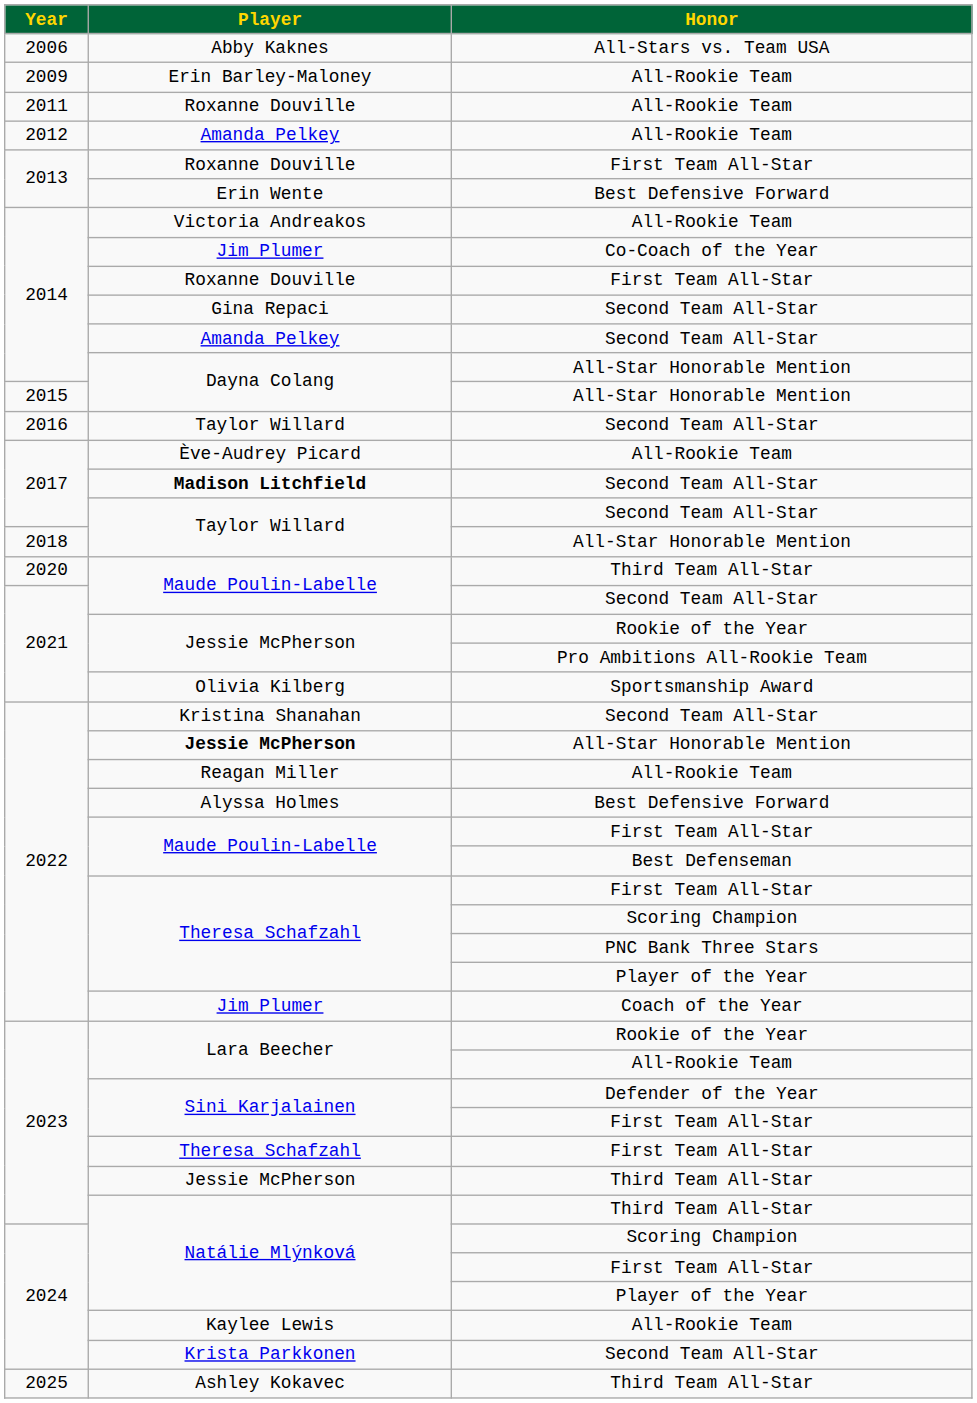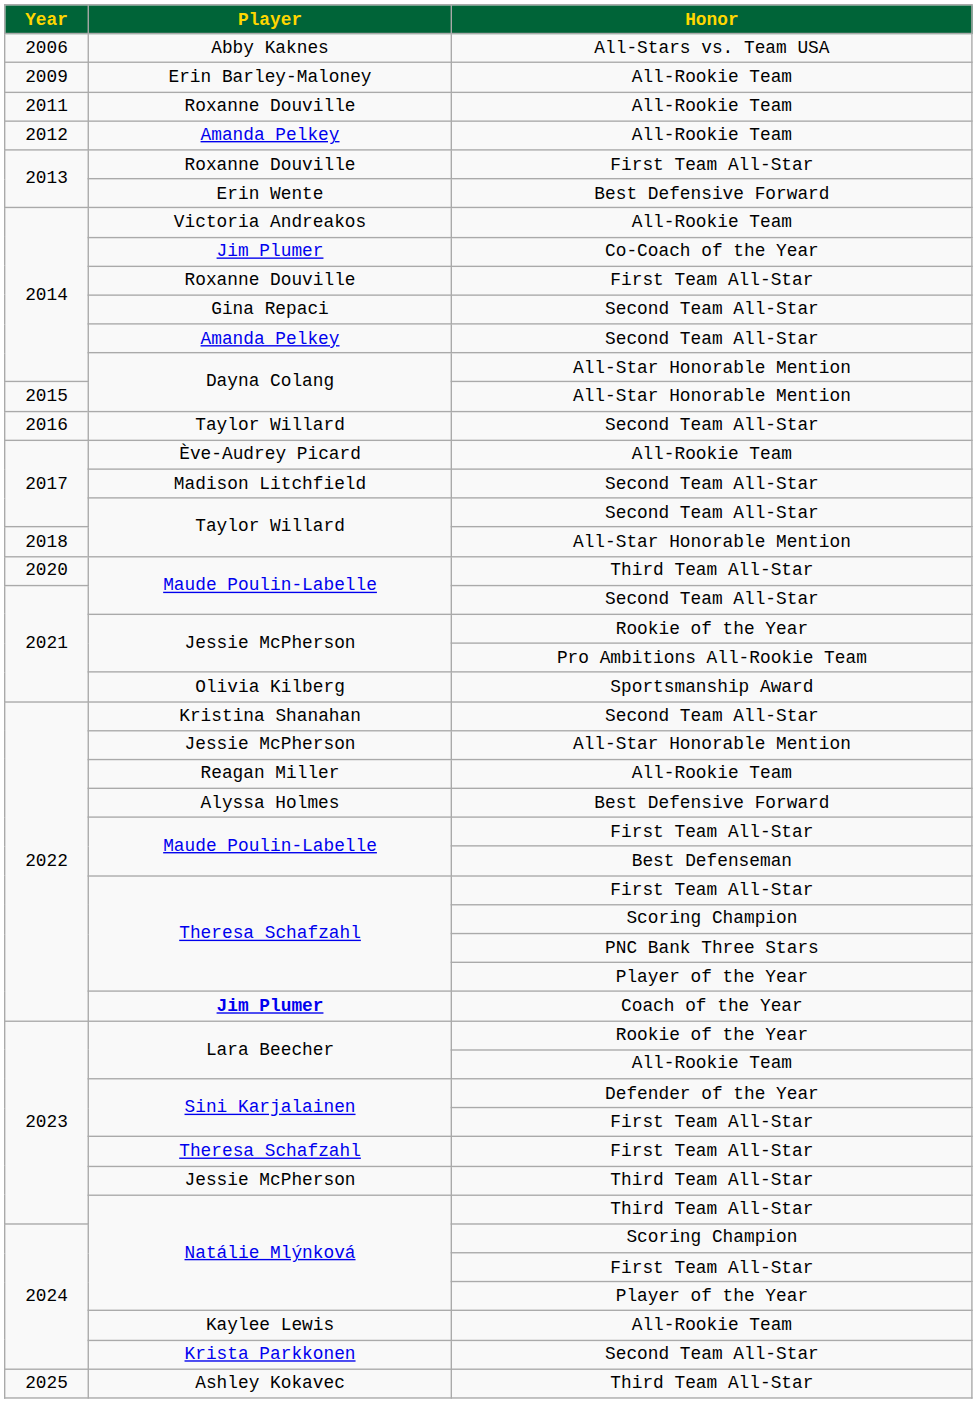 <table class="wikitable" style="width:80%;">
 <tr style="text-align:center; background:#006438; color:gold;">
 <td><strong>Year</strong></td>
 <td><strong>Player</strong></td>
 <td><strong>Honor</strong></td>
 </tr>
 <tr style="text-align:center;" bgcolor="">
 <td>2006</td>
 <td>Abby Kaknes</td>
 <td>All-Stars vs. Team USA</td>
 </tr>
 <tr style="text-align:center;" bgcolor="">
 <td>2009</td>
 <td>Erin Barley-Maloney</td>
 <td>All-Rookie Team</td>
 </tr>
 <tr style="text-align:center;" bgcolor="">
 <td>2011</td>
 <td>Roxanne Douville</td>
 <td>All-Rookie Team</td>
 </tr>
 <tr style="text-align:center;" bgcolor="">
 <td>2012</td>
 <td><a href='#'>Amanda Pelkey</a></td>
 <td>All-Rookie Team</td>
 </tr>
 <tr style="text-align:center;" bgcolor="">
 <td rowspan="2">2013</td>
 <td>Roxanne Douville</td>
 <td>First Team All-Star</td>
 </tr>
 <tr style="text-align:center;" bgcolor="">
 <td>Erin Wente</td>
 <td>Best Defensive Forward</td>
 </tr>
 <tr style="text-align:center;" bgcolor="">
 <td rowspan="6">2014</td>
 <td>Victoria Andreakos</td>
 <td>All-Rookie Team</td>
 </tr>
 <tr style="text-align:center;" bgcolor="">
 <td><a href='#'>Jim Plumer</a></td>
 <td>Co-Coach of the Year</td>
 </tr>
 <tr style="text-align:center;" bgcolor="">
 <td>Roxanne Douville</td>
 <td>First Team All-Star</td>
 </tr>
 <tr style="text-align:center;" bgcolor="">
 <td>Gina Repaci</td>
 <td>Second Team All-Star</td>
 </tr>
 <tr style="text-align:center;" bgcolor="">
 <td><a href='#'>Amanda Pelkey</a></td>
 <td>Second Team All-Star</td>
 </tr>
 <tr style="text-align:center;" bgcolor="">
 <td rowspan="2">Dayna Colang</td>
 <td>All-Star Honorable Mention</td>
 </tr>
 <tr style="text-align:center;" bgcolor="">
 <td>2015</td>
 <td>All-Star Honorable Mention</td>
 </tr>
 <tr style="text-align:center;" bgcolor="">
 <td>2016</td>
 <td>Taylor Willard</td>
 <td>Second Team All-Star</td>
 </tr>
 <tr style="text-align:center;" bgcolor="">
 <td rowspan="3">2017</td>
 <td>Ève-Audrey Picard</td>
 <td>All-Rookie Team</td>
 </tr>
 <tr style="text-align:center;" bgcolor="">
-<td><strong>Madison Litchfield</strong></td>
+<td>Madison Litchfield</td>
 <td>Second Team All-Star</td>
 </tr>
 <tr style="text-align:center;" bgcolor="">
 <td rowspan="2">Taylor Willard</td>
 <td>Second Team All-Star</td>
 </tr>
 <tr style="text-align:center;" bgcolor="">
 <td>2018</td>
 <td>All-Star Honorable Mention</td>
 </tr>
 <tr style="text-align:center;" bgcolor="">
 <td>2020</td>
 <td rowspan="2"><a href='#'>Maude Poulin-Labelle</a></td>
 <td>Third Team All-Star</td>
 </tr>
 <tr style="text-align:center;" bgcolor="">
 <td rowspan="4">2021</td>
 <td>Second Team All-Star</td>
 </tr>
 <tr style="text-align:center;" bgcolor="">
 <td rowspan="2">Jessie McPherson</td>
 <td>Rookie of the Year</td>
 </tr>
 <tr style="text-align:center;" bgcolor="">
 <td>Pro Ambitions All-Rookie Team</td>
 </tr>
 <tr style="text-align:center;" bgcolor="">
 <td>Olivia Kilberg</td>
 <td>Sportsmanship Award</td>
 </tr>
 <tr style="text-align:center;" bgcolor="">
 <td rowspan="11">2022</td>
 <td>Kristina Shanahan</td>
 <td>Second Team All-Star</td>
 </tr>
 <tr style="text-align:center;" bgcolor="">
-<td><strong>Jessie McPherson</strong></td>
+<td>Jessie McPherson</td>
 <td>All-Star Honorable Mention</td>
 </tr>
 <tr style="text-align:center;" bgcolor="">
 <td>Reagan Miller</td>
 <td>All-Rookie Team</td>
 </tr>
 <tr style="text-align:center;" bgcolor="">
 <td>Alyssa Holmes</td>
 <td>Best Defensive Forward</td>
 </tr>
 <tr style="text-align:center;" bgcolor="">
 <td rowspan="2"><a href='#'>Maude Poulin-Labelle</a></td>
 <td>First Team All-Star</td>
 </tr>
 <tr style="text-align:center;" bgcolor="">
 <td>Best Defenseman</td>
 </tr>
 <tr style="text-align:center;" bgcolor="">
 <td rowspan="4"><a href='#'>Theresa Schafzahl</a></td>
 <td>First Team All-Star</td>
 </tr>
 <tr style="text-align:center;" bgcolor="">
 <td>Scoring Champion</td>
 </tr>
 <tr style="text-align:center;" bgcolor="">
 <td>PNC Bank Three Stars</td>
 </tr>
 <tr style="text-align:center;" bgcolor="">
 <td>Player of the Year</td>
 </tr>
 <tr style="text-align:center;" bgcolor="">
-<td><a href='#'>Jim Plumer</a></td>
+<td><strong><a href='#'>Jim Plumer</a></strong></td>
 <td>Coach of the Year</td>
 </tr>
 <tr style="text-align:center;" bgcolor="">
 <td rowspan="7">2023</td>
 <td rowspan="2">Lara Beecher</td>
 <td>Rookie of the Year</td>
 </tr>
 <tr style="text-align:center;" bgcolor="">
 <td>All-Rookie Team</td>
 </tr>
 <tr style="text-align:center;" bgcolor="">
 <td rowspan="2"><a href='#'>Sini Karjalainen</a></td>
 <td>Defender of the Year</td>
 </tr>
 <tr style="text-align:center;" bgcolor="">
 <td>First Team All-Star</td>
 </tr>
 <tr style="text-align:center;" bgcolor="">
 <td><a href='#'>Theresa Schafzahl</a></td>
 <td>First Team All-Star</td>
 </tr>
 <tr style="text-align:center;" bgcolor="">
 <td>Jessie McPherson</td>
 <td>Third Team All-Star</td>
 </tr>
 <tr style="text-align:center;" bgcolor="">
 <td rowspan="4"><a href='#'>Natálie Mlýnková</a></td>
 <td>Third Team All-Star</td>
 </tr>
 <tr style="text-align:center;" bgcolor="">
 <td rowspan="5">2024</td>
 <td>Scoring Champion</td>
 </tr>
 <tr style="text-align:center;" bgcolor="">
 <td>First Team All-Star</td>
 </tr>
 <tr style="text-align:center;" bgcolor="">
 <td>Player of the Year</td>
 </tr>
 <tr style="text-align:center;" bgcolor="">
 <td>Kaylee Lewis</td>
 <td>All-Rookie Team</td>
 </tr>
 <tr style="text-align:center;" bgcolor="">
 <td><a href='#'>Krista Parkkonen</a></td>
 <td>Second Team All-Star</td>
 </tr>
 <tr style="text-align:center;" bgcolor="">
 <td>2025</td>
 <td>Ashley Kokavec</td>
 <td>Third Team All-Star</td>
 </tr>
 </table>
